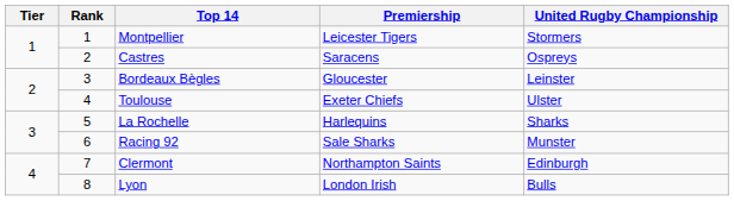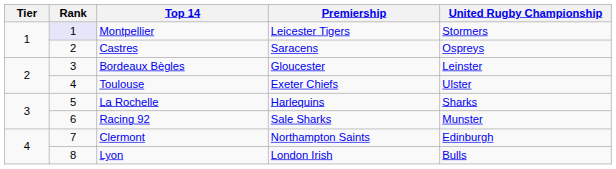 <table class="wikitable">
 <tr>
 <th width=5%>Tier</th>
 <th width=5%>Rank</th>
 <th width=19%><a href='#'>Top 14</a></th>
 <th width=19%><a href='#'>Premiership</a></th>
 <th width=19%><a href='#'>United Rugby Championship</a></th>
 </tr>
 <tr>
 <td rowspan="2" align=center>1</td>
-<td align="center">1</td>
+<td align="center" style="background: lavender;">1</td>
 <td> <a href='#'>Montpellier</a></td>
 <td> <a href='#'>Leicester Tigers</a></td>
 <td> <a href='#'>Stormers</a></td>
 </tr>
 <tr>
 <td align=center>2</td>
 <td> <a href='#'>Castres</a></td>
 <td> <a href='#'>Saracens</a></td>
 <td> <a href='#'>Ospreys</a></td>
 </tr>
 <tr>
 <td rowspan="2" align=center>2</td>
 <td align="center">3</td>
 <td> <a href='#'>Bordeaux Bègles</a></td>
 <td> <a href='#'>Gloucester</a></td>
 <td> <a href='#'>Leinster</a></td>
 </tr>
 <tr>
 <td align=center>4</td>
 <td> <a href='#'>Toulouse</a></td>
 <td> <a href='#'>Exeter Chiefs</a></td>
 <td> <a href='#'>Ulster</a></td>
 </tr>
 <tr>
 <td rowspan="2" align=center>3</td>
 <td align="center">5</td>
 <td> <a href='#'>La Rochelle</a></td>
 <td> <a href='#'>Harlequins</a></td>
 <td> <a href='#'>Sharks</a></td>
 </tr>
 <tr>
 <td align=center>6</td>
 <td> <a href='#'>Racing 92</a></td>
 <td> <a href='#'>Sale Sharks</a></td>
 <td> <a href='#'>Munster</a></td>
 </tr>
 <tr>
 <td rowspan="2" align=center>4</td>
 <td align="center">7</td>
 <td> <a href='#'>Clermont</a></td>
 <td> <a href='#'>Northampton Saints</a></td>
 <td> <a href='#'>Edinburgh</a></td>
 </tr>
 <tr>
 <td align=center>8</td>
 <td> <a href='#'>Lyon</a></td>
 <td> <a href='#'>London Irish</a></td>
 <td> <a href='#'>Bulls</a></td>
 </tr>
 </table>
